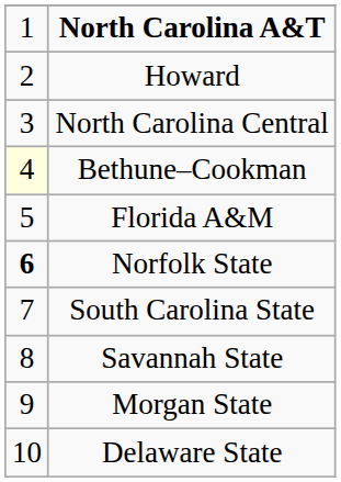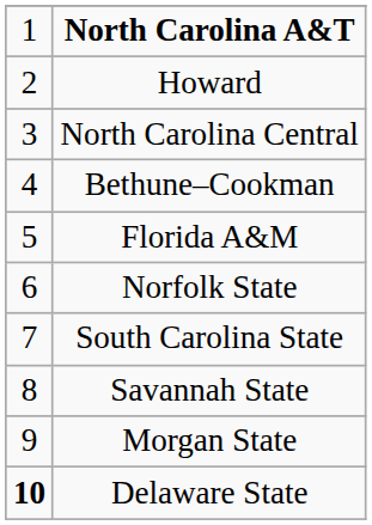 <table class="wikitable">
 <tr align="center">
 </tr>
 <tr align="center">
 <td>1</td>
 <td><strong>North Carolina A&T</strong></td>
 </tr>
 <tr align="center">
 <td>2</td>
 <td>Howard</td>
 </tr>
 <tr align="center">
 <td>3</td>
 <td>North Carolina Central</td>
 </tr>
 <tr align="center">
-<td style="background: lightyellow;">4</td>
+<td>4</td>
 <td>Bethune–Cookman</td>
 </tr>
 <tr align="center">
 <td>5</td>
 <td>Florida A&M</td>
 </tr>
 <tr align="center">
-<td><strong>6</strong></td>
+<td>6</td>
 <td>Norfolk State</td>
 </tr>
 <tr align="center">
 <td>7</td>
 <td>South Carolina State</td>
 </tr>
 <tr align="center">
 <td>8</td>
 <td>Savannah State</td>
 </tr>
 <tr align="center">
 <td>9</td>
 <td>Morgan State</td>
 </tr>
 <tr align="center">
-<td>10</td>
+<td><strong>10</strong></td>
 <td>Delaware State</td>
 </tr>
 </table>
